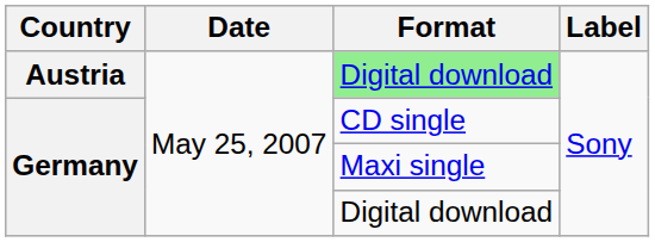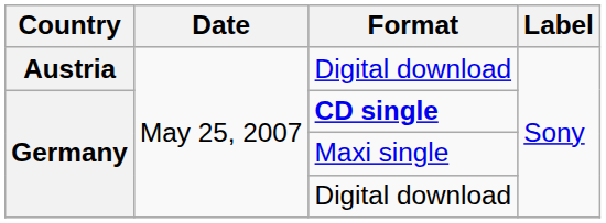 <table class="wikitable plainrowheaders">
 <tr>
 <th scope="col">Country</th>
 <th scope="col">Date</th>
 <th scope="col">Format</th>
 <th scope="col">Label</th>
 </tr>
 <tr>
 <th scope="row">Austria</th>
 <td rowspan="4">May 25, 2007</td>
-<td style="background: lightgreen;"><a href='#'>Digital download</a></td>
+<td><a href='#'>Digital download</a></td>
 <td rowspan="4"><a href='#'>Sony</a></td>
 </tr>
 <tr>
 <th scope="row" rowspan="3">Germany</th>
-<td><a href='#'>CD single</a></td>
+<td><strong><a href='#'>CD single</a></strong></td>
 </tr>
 <tr>
 <td><a href='#'>Maxi single</a></td>
 </tr>
 <tr>
 <td>Digital download</td>
 </tr>
 </table>
